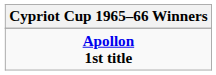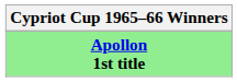 <table class="wikitable" style="text-align:center;margin: 0 auto;">
 <tr>
 <th>Cypriot Cup 1965–66 Winners</th>
 </tr>
 <tr>
 </tr>
 <tr>
-<td><strong><a href='#'>Apollon</a></strong><br><strong>1st title</strong></td>
+<td style="background: lightgreen;"><strong><a href='#'>Apollon</a></strong><br><strong>1st title</strong></td>
 </tr>
 </table>
